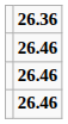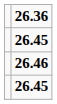 <table class="wikitable">
 <tr>
 <td></td>
 <td align=center><strong>26.36</strong></td>
 </tr>
 <tr>
 <td></td>
-<td align=center><strong>26.46</strong></td>
+<td align=center><strong>26.45</strong></td>
 </tr>
 <tr>
 <td></td>
 <td align=center><strong>26.46</strong></td>
 </tr>
 <tr>
 <td></td>
-<td align=center><strong>26.46</strong></td>
+<td align=center><strong>26.45</strong></td>
 </tr>
 </table>
